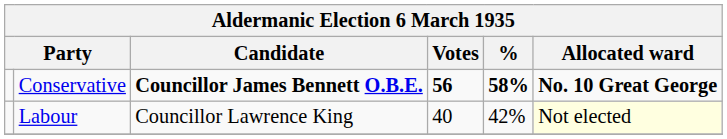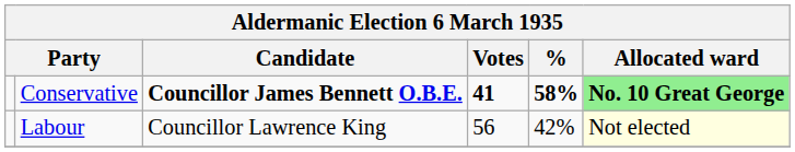 <table class="wikitable">
 <tr>
 <th colspan="6"><strong>Aldermanic Election 6 March 1935</strong></th>
 </tr>
 <tr>
 <th colspan="2">Party</th>
 <th>Candidate</th>
 <th>Votes</th>
 <th>%</th>
 <th>Allocated ward</th>
 </tr>
 <tr>
 <td style="background-color:"></td>
 <td><a href='#'>Conservative</a></td>
 <td><strong>Councillor James Bennett <a href='#'>O.B.E.</a></strong></td>
-<td><strong>56</strong></td>
+<td><strong>41</strong></td>
 <td><strong>58%</strong></td>
-<td><strong>No. 10 Great George</strong></td>
+<td style="background: lightgreen;"><strong>No. 10 Great George</strong></td>
 </tr>
 <tr>
 <td style="background-color:"></td>
 <td><a href='#'>Labour</a></td>
 <td>Councillor Lawrence King</td>
-<td>40</td>
+<td>56</td>
 <td>42%</td>
 <td style="background: lightyellow;">Not elected</td>
 </tr>
 <tr>
 </tr>
 </table>
